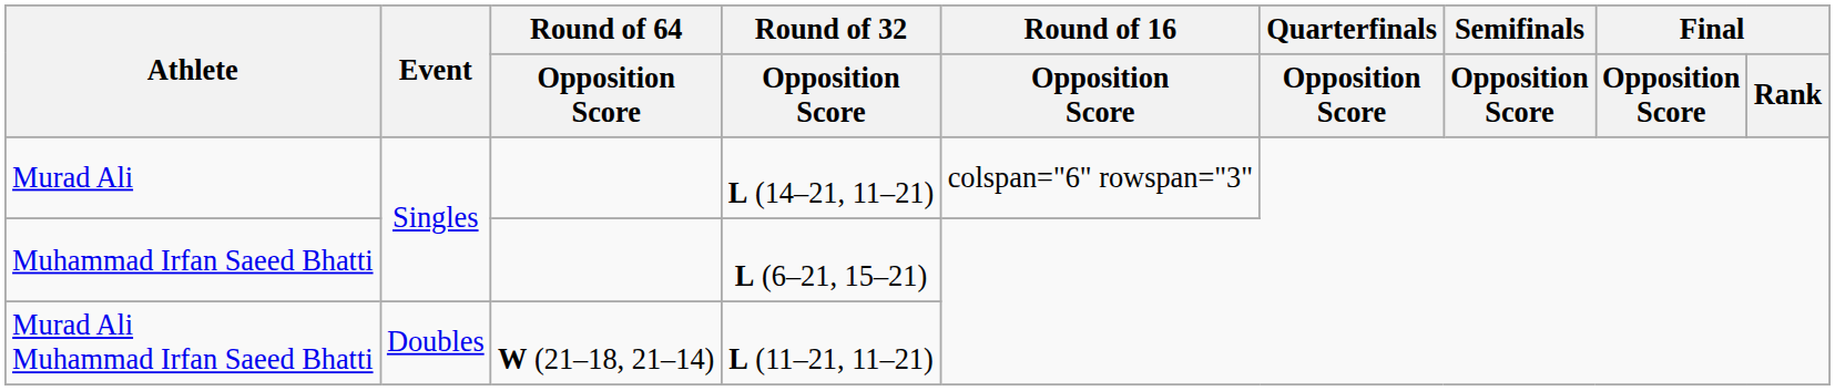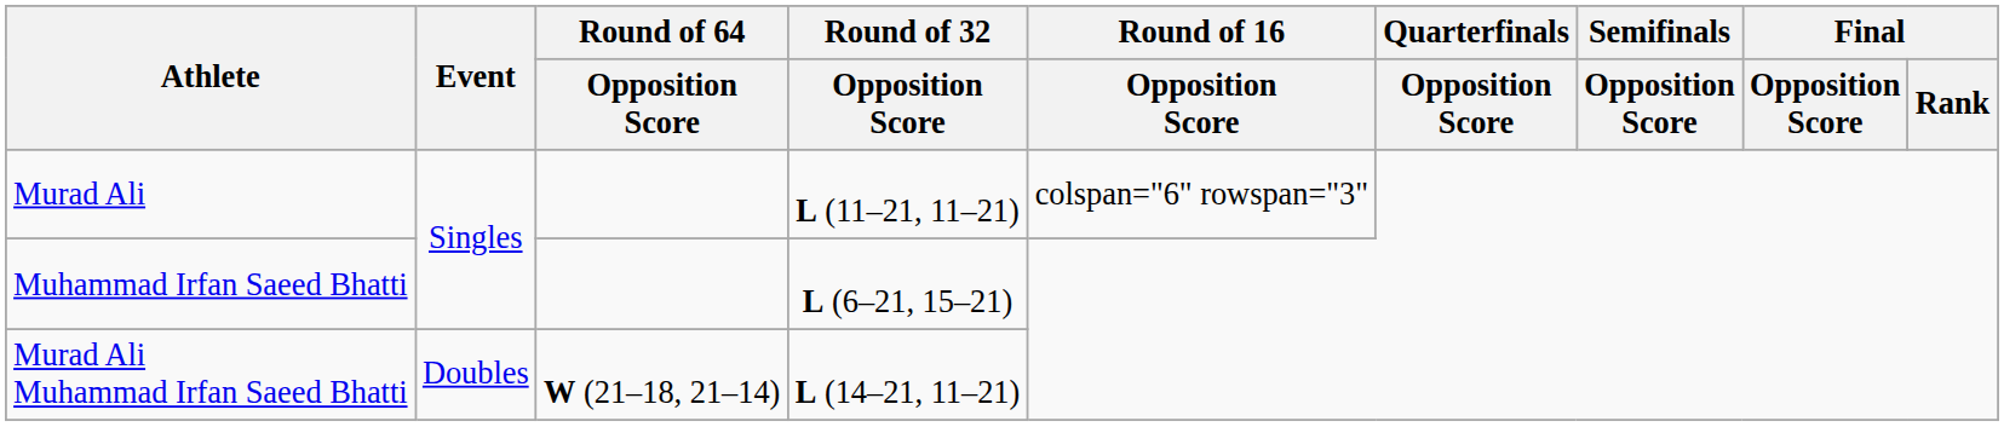 <table class=wikitable style="text-align:center; font-size:90%">
 <tr>
 <th rowspan="2">Athlete</th>
 <th rowspan="2">Event</th>
 <th>Round of 64</th>
 <th>Round of 32</th>
 <th>Round of 16</th>
 <th>Quarterfinals</th>
 <th>Semifinals</th>
 <th colspan="2">Final</th>
 </tr>
 <tr>
 <th>Opposition<br>Score</th>
 <th>Opposition<br>Score</th>
 <th>Opposition<br>Score</th>
 <th>Opposition<br>Score</th>
 <th>Opposition<br>Score</th>
 <th>Opposition<br>Score</th>
 <th>Rank</th>
 </tr>
 <tr>
 <td style="text-align:left"><a href='#'>Murad Ali</a></td>
 <td rowspan="2"><a href='#'>Singles</a></td>
 <td></td>
-<td><br><strong>L</strong> (14–21, 11–21)</td>
+<td><br><strong>L</strong> (11–21, 11–21)</td>
 <td>colspan="6" rowspan="3"</td>
 </tr>
 <tr>
 <td style="text-align:left"><a href='#'>Muhammad Irfan Saeed Bhatti</a></td>
 <td></td>
 <td><br><strong>L</strong> (6–21, 15–21)</td>
 </tr>
 <tr>
 <td style="text-align:left"><a href='#'>Murad Ali</a><br><a href='#'>Muhammad Irfan Saeed Bhatti</a></td>
 <td rowspan="2"><a href='#'>Doubles</a></td>
 <td><br><strong>W</strong> (21–18, 21–14)</td>
-<td><br><strong>L</strong> (11–21, 11–21)</td>
+<td><br><strong>L</strong> (14–21, 11–21)</td>
 </tr>
 </table>
